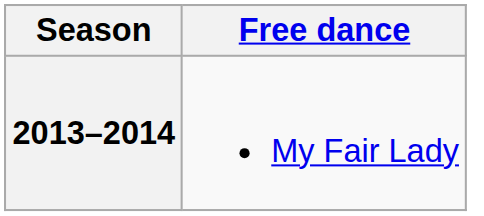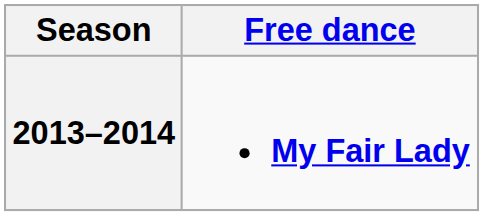 <table class=wikitable style=text-align:center>
 <tr>
 <th>Season</th>
 <th><a href='#'>Free dance</a></th>
 </tr>
 <tr>
 <th>2013–2014 <br> </th>
-<td><br><ul><li><a href='#'>My Fair Lady</a> <br></li></ul></td>
+<td><strong><br><ul><li><a href='#'>My Fair Lady</a> <br></li></ul></strong></td>
 </tr>
 </table>
